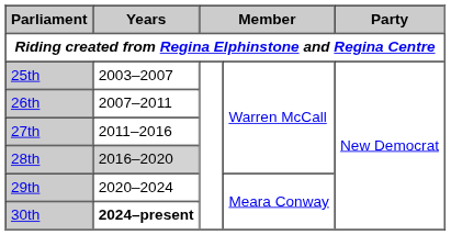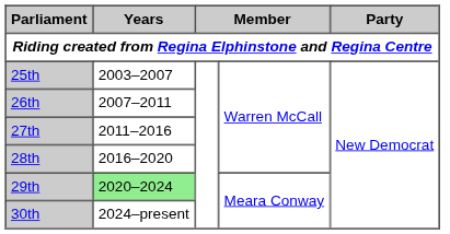 <table border=1 cellpadding=5 cellspacing=0>
 <tr bgcolor="CCCCCC">
 <th>Parliament</th>
 <th>Years</th>
 <th colspan="2">Member</th>
 <th>Party</th>
 </tr>
 <tr>
 <td colspan="5" align="center"><strong><em>Riding created from<em> <a href='#'>Regina Elphinstone</a> and <a href='#'>Regina Centre</a></em></strong></td>
 </tr>
 <tr>
 <td bgcolor="CCCCCC"><a href='#'>25th</a></td>
 <td>2003–2007</td>
 <td rowspan="6" >   </td>
 <td rowspan="4"><a href='#'>Warren McCall</a></td>
 <td rowspan="6"><a href='#'>New Democrat</a></td>
 </tr>
 <tr>
 <td bgcolor="CCCCCC"><a href='#'>26th</a></td>
 <td>2007–2011</td>
 </tr>
 <tr>
 <td bgcolor="CCCCCC"><a href='#'>27th</a></td>
 <td>2011–2016</td>
 </tr>
 <tr>
 <td bgcolor="CCCCCC"><a href='#'>28th</a></td>
-<td style="background: lightgrey;">2016–2020</td>
+<td>2016–2020</td>
 </tr>
 <tr>
 <td bgcolor="CCCCCC"><a href='#'>29th</a></td>
-<td>2020–2024</td>
+<td style="background: lightgreen;">2020–2024</td>
 <td rowspan="2"><a href='#'>Meara Conway</a></td>
 </tr>
 <tr>
 <td bgcolor="CCCCCC"><a href='#'>30th</a></td>
-<td><strong>2024–present</strong></td>
+<td>2024–present</td>
 </tr>
 </table>
